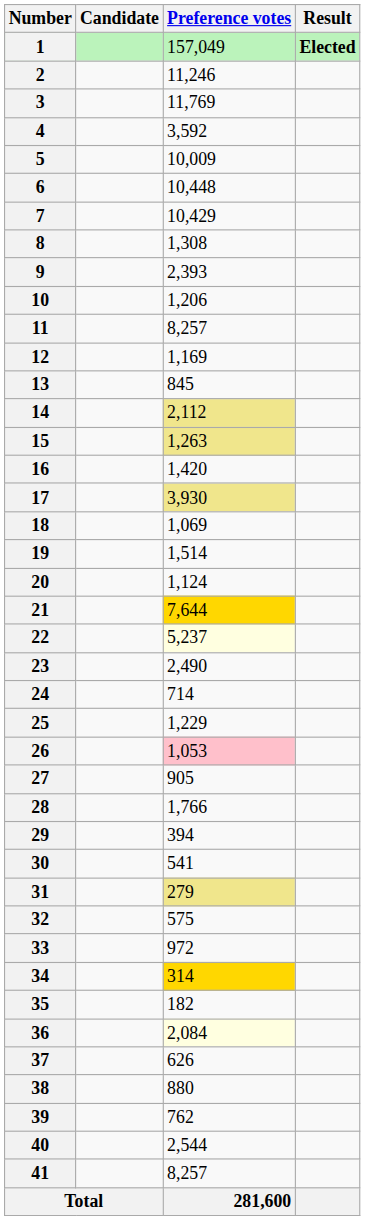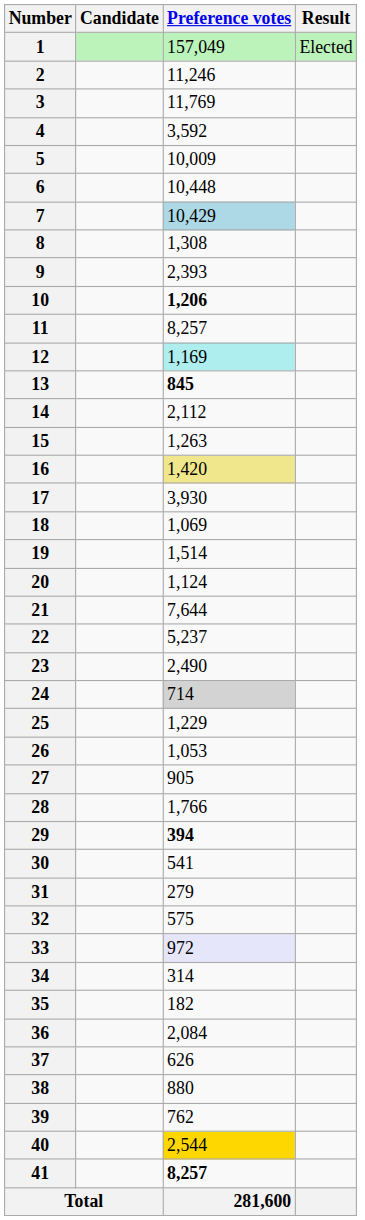 <table class="wikitable sortable" >
 <tr>
 <th scope="col">Number</th>
 <th scope="col">Candidate</th>
 <th scope="col"><a href='#'>Preference votes</a></th>
 <th scope="col">Result</th>
 </tr>
 <tr bgcolor=bbf3bb>
 <th scope="row">1</th>
 <td style="text-align:left"></td>
 <td>157,049</td>
-<td><strong>Elected</strong></td>
+<td>Elected</td>
 </tr>
 <tr>
 <th scope="row">2</th>
 <td style="text-align:left"></td>
 <td>11,246</td>
 <td></td>
 </tr>
 <tr>
 <th scope="row">3</th>
 <td style="text-align:left"></td>
 <td>11,769</td>
 <td></td>
 </tr>
 <tr>
 <th scope="row">4</th>
 <td style="text-align:left"></td>
 <td>3,592</td>
 <td></td>
 </tr>
 <tr>
 <th scope="row">5</th>
 <td style="text-align:left"></td>
 <td>10,009</td>
 <td></td>
 </tr>
 <tr>
 <th scope="row">6</th>
 <td style="text-align:left"></td>
 <td>10,448</td>
 <td></td>
 </tr>
 <tr>
 <th scope="row">7</th>
 <td style="text-align:left"></td>
-<td>10,429</td>
+<td style="background: lightblue;">10,429</td>
 <td></td>
 </tr>
 <tr>
 <th scope="row">8</th>
 <td style="text-align:left"></td>
 <td>1,308</td>
 <td></td>
 </tr>
 <tr>
 <th scope="row">9</th>
 <td style="text-align:left"></td>
 <td>2,393</td>
 <td></td>
 </tr>
 <tr>
 <th scope="row">10</th>
 <td style="text-align:left"></td>
-<td>1,206</td>
+<td><strong>1,206</strong></td>
 <td></td>
 </tr>
 <tr>
 <th scope="row">11</th>
 <td style="text-align:left"></td>
 <td>8,257</td>
 <td></td>
 </tr>
 <tr>
 <th scope="row">12</th>
 <td style="text-align:left"></td>
-<td>1,169</td>
+<td style="background: paleturquoise;">1,169</td>
 <td></td>
 </tr>
 <tr>
 <th scope="row">13</th>
 <td style="text-align:left"></td>
-<td>845</td>
+<td><strong>845</strong></td>
 <td></td>
 </tr>
 <tr>
 <th scope="row">14</th>
 <td style="text-align:left"></td>
-<td style="background: khaki;">2,112</td>
+<td>2,112</td>
 <td></td>
 </tr>
 <tr>
 <th scope="row">15</th>
 <td style="text-align:left"></td>
-<td style="background: khaki;">1,263</td>
+<td>1,263</td>
 <td></td>
 </tr>
 <tr>
 <th scope="row">16</th>
 <td style="text-align:left"></td>
-<td>1,420</td>
+<td style="background: khaki;">1,420</td>
 <td></td>
 </tr>
 <tr>
 <th scope="row">17</th>
 <td style="text-align:left"></td>
-<td style="background: khaki;">3,930</td>
+<td>3,930</td>
 <td></td>
 </tr>
 <tr>
 <th scope="row">18</th>
 <td style="text-align:left"></td>
 <td>1,069</td>
 <td></td>
 </tr>
 <tr>
 <th scope="row">19</th>
 <td style="text-align:left"></td>
 <td>1,514</td>
 <td></td>
 </tr>
 <tr>
 <th scope="row">20</th>
 <td style="text-align:left"></td>
 <td>1,124</td>
 <td></td>
 </tr>
 <tr>
 <th scope="row">21</th>
 <td style="text-align:left"></td>
-<td style="background: gold;">7,644</td>
+<td>7,644</td>
 <td></td>
 </tr>
 <tr>
 <th scope="row">22</th>
 <td style="text-align:left"></td>
-<td style="background: lightyellow;">5,237</td>
+<td>5,237</td>
 <td></td>
 </tr>
 <tr>
 <th scope="row">23</th>
 <td style="text-align:left"></td>
 <td>2,490</td>
 <td></td>
 </tr>
 <tr>
 <th scope="row">24</th>
 <td style="text-align:left"></td>
-<td>714</td>
+<td style="background: lightgrey;">714</td>
 <td></td>
 </tr>
 <tr>
 <th scope="row">25</th>
 <td style="text-align:left"></td>
 <td>1,229</td>
 <td></td>
 </tr>
 <tr>
 <th scope="row">26</th>
 <td style="text-align:left"></td>
-<td style="background: pink;">1,053</td>
+<td>1,053</td>
 <td></td>
 </tr>
 <tr>
 <th scope="row">27</th>
 <td style="text-align:left"></td>
 <td>905</td>
 <td></td>
 </tr>
 <tr>
 <th scope="row">28</th>
 <td style="text-align:left"></td>
 <td>1,766</td>
 <td></td>
 </tr>
 <tr>
 <th scope="row">29</th>
 <td style="text-align:left"></td>
-<td>394</td>
+<td><strong>394</strong></td>
 <td></td>
 </tr>
 <tr>
 <th scope="row">30</th>
 <td style="text-align:left"></td>
 <td>541</td>
 <td></td>
 </tr>
 <tr>
 <th scope="row">31</th>
 <td style="text-align:left"></td>
-<td style="background: khaki;">279</td>
+<td>279</td>
 <td></td>
 </tr>
 <tr>
 <th scope="row">32</th>
 <td style="text-align:left"></td>
 <td>575</td>
 <td></td>
 </tr>
 <tr>
 <th scope="row">33</th>
 <td style="text-align:left"></td>
-<td>972</td>
+<td style="background: lavender;">972</td>
 <td></td>
 </tr>
 <tr>
 <th scope="row">34</th>
 <td style="text-align:left"></td>
-<td style="background: gold;">314</td>
+<td>314</td>
 <td></td>
 </tr>
 <tr>
 <th scope="row">35</th>
 <td style="text-align:left"></td>
 <td>182</td>
 <td></td>
 </tr>
 <tr>
 <th scope="row">36</th>
 <td style="text-align:left"></td>
-<td style="background: lightyellow;">2,084</td>
+<td>2,084</td>
 <td></td>
 </tr>
 <tr>
 <th scope="row">37</th>
 <td style="text-align:left"></td>
 <td>626</td>
 </tr>
 <tr>
 <th scope="row">38</th>
 <td style="text-align:left"></td>
 <td>880</td>
 <td></td>
 </tr>
 <tr>
 <th scope="row">39</th>
 <td style="text-align:left"></td>
 <td>762</td>
 <td></td>
 </tr>
 <tr>
 <th scope="row">40</th>
 <td style="text-align:left"></td>
-<td>2,544</td>
+<td style="background: gold;">2,544</td>
 <td></td>
 </tr>
 <tr>
 <th scope="row">41</th>
 <td style="text-align:left"></td>
-<td>8,257</td>
+<td><strong>8,257</strong></td>
 <td></td>
 </tr>
 <tr class="sortbottom">
 <th scope="row"  colspan="2">Total</th>
 <th style="text-align:right">281,600</th>
 <th></th>
 </tr>
 </table>
